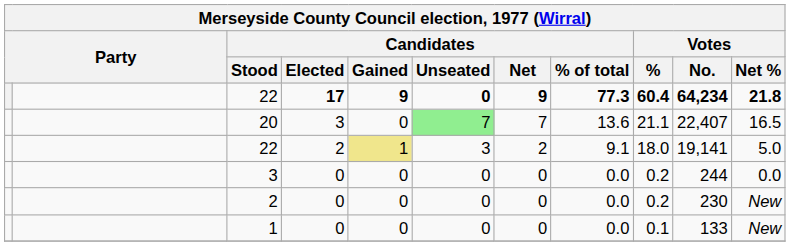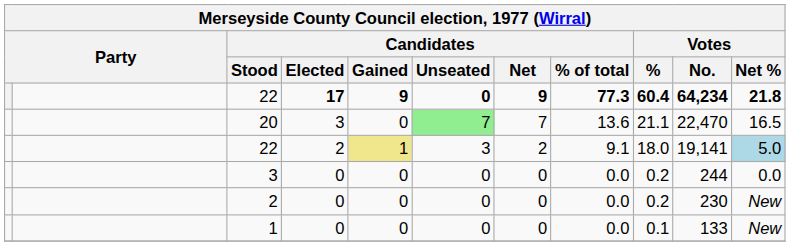 <table class="wikitable" style="font-size:95%">
 <tr>
 <th colspan="16" style="background-color:#f2f2f2">Merseyside County Council election, 1977 (<a href='#'>Wirral</a>)</th>
 </tr>
 <tr style="vertical-align:center;">
 <th colspan="2" rowspan="2">Party</th>
 <th colspan="6" style="width: 30px">Candidates</th>
 <th colspan="5" style="width: 30px">Votes</th>
 </tr>
 <tr>
 <th>Stood</th>
 <th>Elected</th>
 <th>Gained</th>
 <th>Unseated</th>
 <th style="width: 45px">Net</th>
 <th>% of total</th>
 <th>%</th>
 <th>No.</th>
 <th>Net %</th>
 </tr>
 <tr>
 <th style="background-color: "></th>
 <td style="width: 190px"><a href='#'></a></td>
 <td style="text-align:right; ">22</td>
 <td style="text-align:right; "><strong>17</strong></td>
 <td style="text-align:right; "><strong>9</strong></td>
 <td style="text-align:right; "><strong>0</strong></td>
 <td style="text-align:right; "><span><strong>9</strong></span></td>
 <td style="text-align:right; "><strong>77.3</strong></td>
 <td style="text-align:right; "><strong>60.4</strong></td>
 <td style="text-align:right; "><strong>64,234</strong></td>
 <td style="text-align:right; "><span><strong>21.8</strong></span></td>
 </tr>
 <tr>
 <td style="background-color: "></td>
 <td style="width: 190px"><a href='#'></a></td>
 <td style="text-align:right; ">20</td>
 <td style="text-align:right; ">3</td>
 <td style="text-align:right; ">0</td>
 <td style="background: lightgreen; text-align:right; ">7</td>
 <td style="text-align:right; "><span>7</span></td>
 <td style="text-align:right; ">13.6</td>
 <td style="text-align:right; ">21.1</td>
-<td style="text-align:right; ">22,407</td>
+<td style="text-align:right; ">22,470</td>
 <td style="text-align:right; "><span>16.5</span></td>
 </tr>
 <tr>
 <td style="background-color: "></td>
 <td style="width: 190px"><a href='#'></a></td>
 <td style="text-align:right; ">22</td>
 <td style="text-align:right; ">2</td>
 <td style="background: khaki; text-align:right; ">1</td>
 <td style="text-align:right; ">3</td>
 <td style="text-align:right; "><span>2</span></td>
 <td style="text-align:right; ">9.1</td>
 <td style="text-align:right; ">18.0</td>
 <td style="text-align:right; ">19,141</td>
-<td style="text-align:right; "><span>5.0</span></td>
+<td style="background: lightblue; text-align:right; "><span>5.0</span></td>
 </tr>
 <tr>
 <td style="background-color: "></td>
 <td style="width: 190px"><a href='#'></a></td>
 <td style="text-align:right; ">3</td>
 <td style="text-align:right; ">0</td>
 <td style="text-align:right; ">0</td>
 <td style="text-align:right; ">0</td>
 <td style="text-align:right; ">0</td>
 <td style="text-align:right; ">0.0</td>
 <td style="text-align:right; ">0.2</td>
 <td style="text-align:right; ">244</td>
 <td style="text-align:right; ">0.0</td>
 </tr>
 <tr>
 <td style="background-color: "></td>
 <td style="width: 190px"><a href='#'></a></td>
 <td style="text-align:right; ">2</td>
 <td style="text-align:right; ">0</td>
 <td style="text-align:right; ">0</td>
 <td style="text-align:right; ">0</td>
 <td style="text-align:right; ">0</td>
 <td style="text-align:right; ">0.0</td>
 <td style="text-align:right; ">0.2</td>
 <td style="text-align:right; ">230</td>
 <td style="text-align:right; "><em>New</em></td>
 </tr>
 <tr>
 <td style="background-color: "></td>
 <td style="width: 190px"><a href='#'></a></td>
 <td style="text-align:right; ">1</td>
 <td style="text-align:right; ">0</td>
 <td style="text-align:right; ">0</td>
 <td style="text-align:right; ">0</td>
 <td style="text-align:right; ">0</td>
 <td style="text-align:right; ">0.0</td>
 <td style="text-align:right; ">0.1</td>
 <td style="text-align:right; ">133</td>
 <td style="text-align:right; "><em>New</em></td>
 </tr>
 <tr>
 </tr>
 </table>
